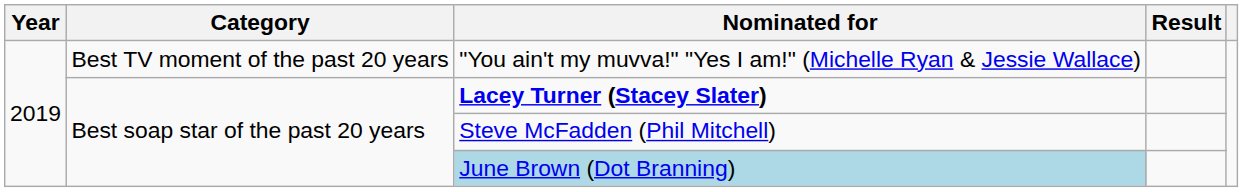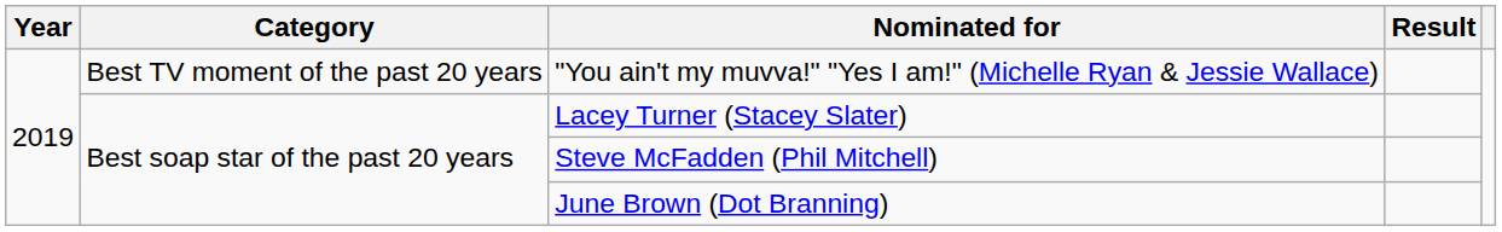 <table class="wikitable plainrowheaders">
 <tr>
 <th scope="col">Year</th>
 <th scope="col">Category</th>
 <th scope="col">Nominated for</th>
 <th scope="col">Result</th>
 <th scope="col"></th>
 </tr>
 <tr>
 <td rowspan = "4" align="center">2019</td>
 <td>Best TV moment of the past 20 years</td>
 <td>"You ain't my muvva!" "Yes I am!" (<a href='#'>Michelle Ryan</a> & <a href='#'>Jessie Wallace</a>)</td>
 <td></td>
 <td rowspan = "4" align="center"></td>
 </tr>
 <tr>
 <td rowspan = "3">Best soap star of the past 20 years</td>
-<td><strong><a href='#'>Lacey Turner</a> (<a href='#'>Stacey Slater</a>)</strong></td>
+<td><a href='#'>Lacey Turner</a> (<a href='#'>Stacey Slater</a>)</td>
 <td></td>
 </tr>
 <tr>
 <td><a href='#'>Steve McFadden</a> (<a href='#'>Phil Mitchell</a>)</td>
 <td></td>
 </tr>
 <tr>
-<td style="background: lightblue;"><a href='#'>June Brown</a> (<a href='#'>Dot Branning</a>)</td>
+<td><a href='#'>June Brown</a> (<a href='#'>Dot Branning</a>)</td>
 <td></td>
 </tr>
 </table>
